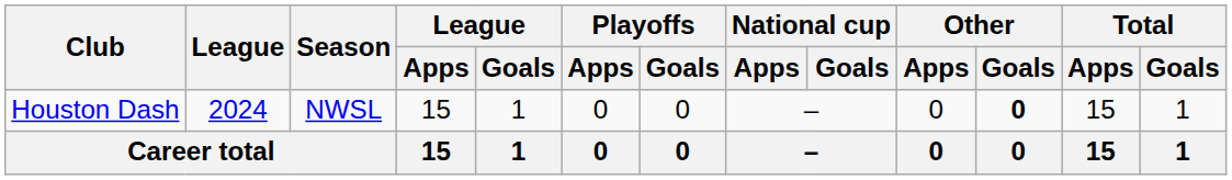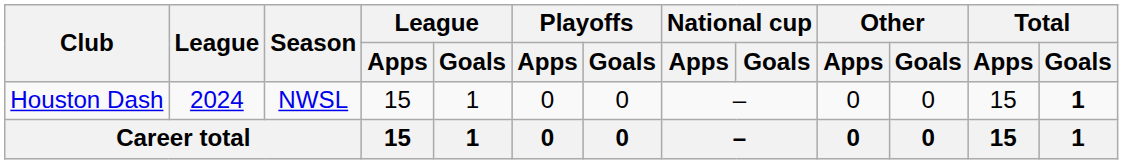 <table class="wikitable" style="text-align:center">
 <tr>
 <th rowspan="2">Club</th>
 <th rowspan="2">League</th>
 <th rowspan="2">Season</th>
 <th colspan="2">League</th>
 <th colspan="2">Playoffs</th>
 <th colspan="2">National cup</th>
 <th colspan="2">Other</th>
 <th colspan="2">Total</th>
 </tr>
 <tr>
 <th>Apps</th>
 <th>Goals</th>
 <th>Apps</th>
 <th>Goals</th>
 <th>Apps</th>
 <th>Goals</th>
 <th>Apps</th>
 <th>Goals</th>
 <th>Apps</th>
 <th>Goals</th>
 </tr>
 <tr>
 <td><a href='#'>Houston Dash</a></td>
 <td><a href='#'>2024</a></td>
 <td><a href='#'>NWSL</a></td>
 <td>15</td>
 <td>1</td>
 <td>0</td>
 <td>0</td>
 <td colspan="2">–</td>
 <td>0</td>
-<td><strong>0</strong></td>
+<td>0</td>
 <td>15</td>
-<td>1</td>
+<td><strong>1</strong></td>
 </tr>
 <tr>
 <th colspan="3">Career total</th>
 <th>15</th>
 <th>1</th>
 <th>0</th>
 <th>0</th>
 <th colspan="2">–</th>
 <th>0</th>
 <th>0</th>
 <th>15</th>
 <th>1</th>
 </tr>
 </table>
